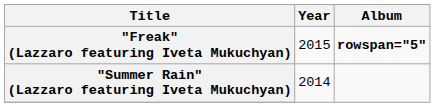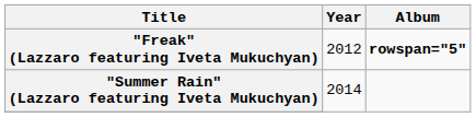 <table class="wikitable plainrowheaders" style="text-align:center;">
 <tr>
 <th scope="col">Title</th>
 <th scope="col">Year</th>
 <th scope="col">Album</th>
 </tr>
 <tr>
 <th scope="row">"Freak"<br><span>(Lazzaro featuring Iveta Mukuchyan)</span></th>
-<td>2015</td>
+<td>2012</td>
 <td><strong>rowspan="5" </strong></td>
 </tr>
 <tr>
 <th scope="row">"Summer Rain"<br><span>(Lazzaro featuring Iveta Mukuchyan)</span></th>
 <td rowspan="2">2014</td>
 </tr>
 <tr>
 </tr>
 </table>
